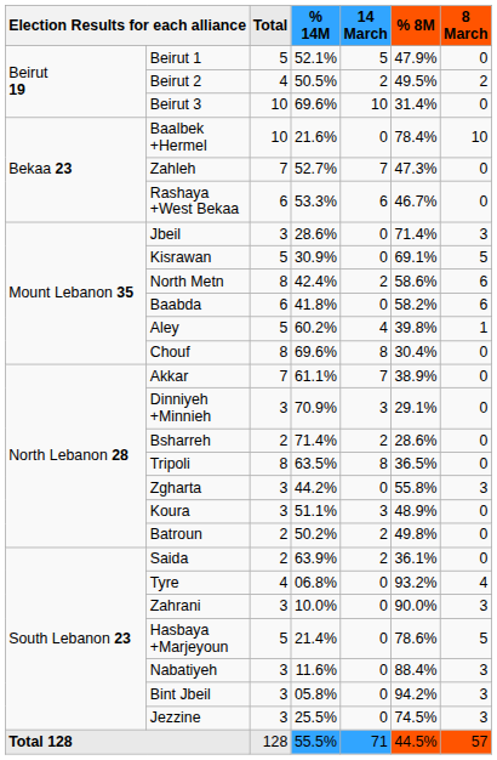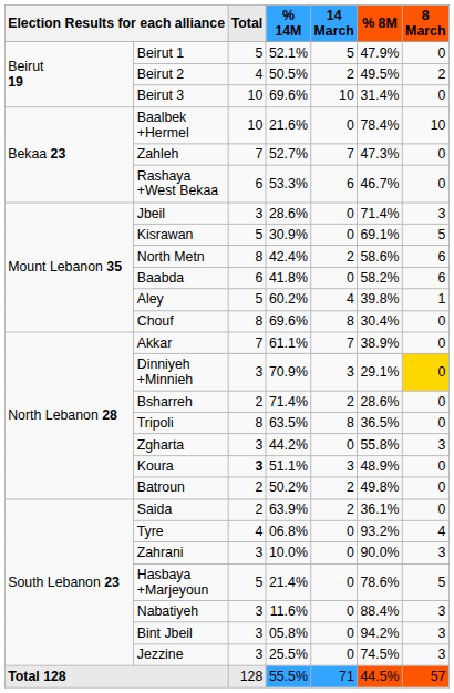 <table class="wikitable sortable">
 <tr>
 <th colspan=2>Election Results for each alliance</th>
 <th style="background-color:#E9E9E9" align=right>Total</th>
 <th style="background-color:#31a5ff" align=right>% 14M</th>
 <th style="background-color:#31a5ff" align=right>14 March</th>
 <th style="background-color:#ff5400" align=right>% 8M</th>
 <th style="background-color:#ff5400" align=right>8 March</th>
 </tr>
 <tr>
 <td rowspan=3 valign=up>Beirut<br><strong>19</strong></td>
 <td>Beirut 1</td>
 <td align="right">5</td>
 <td align="right">52.1%</td>
 <td align="right">5</td>
 <td align="right">47.9%</td>
 <td align="right">0</td>
 </tr>
 <tr>
 <td>Beirut 2</td>
 <td align="right">4</td>
 <td align="right">50.5%</td>
 <td align="right">2</td>
 <td align="right">49.5%</td>
 <td align="right">2</td>
 </tr>
 <tr>
 <td>Beirut 3</td>
 <td align="right">10</td>
 <td align="right">69.6%</td>
 <td align="right">10</td>
 <td align="right">31.4%</td>
 <td align="right">0</td>
 </tr>
 <tr>
 <td rowspan=3 valign=up>Bekaa <strong>23</strong></td>
 <td>Baalbek<br>+Hermel</td>
 <td align="right">10</td>
 <td align="right">21.6%</td>
 <td align="right">0</td>
 <td align="right">78.4%</td>
 <td align="right">10</td>
 </tr>
 <tr>
 <td>Zahleh</td>
 <td align="right">7</td>
 <td align="right">52.7%</td>
 <td align="right">7</td>
 <td align="right">47.3%</td>
 <td align="right">0</td>
 </tr>
 <tr>
 <td>Rashaya<br>+West Bekaa</td>
 <td align="right">6</td>
 <td align="right">53.3%</td>
 <td align="right">6</td>
 <td align="right">46.7%</td>
 <td align="right">0</td>
 </tr>
 <tr>
 <td rowspan=6 valign=up>Mount Lebanon <strong>35</strong></td>
 <td>Jbeil</td>
 <td align="right">3</td>
 <td align="right">28.6%</td>
 <td align="right">0</td>
 <td align="right">71.4%</td>
 <td align="right">3</td>
 </tr>
 <tr>
 <td>Kisrawan</td>
 <td align="right">5</td>
 <td align="right">30.9%</td>
 <td align="right">0</td>
 <td align="right">69.1%</td>
 <td align="right">5</td>
 </tr>
 <tr>
 <td>North Metn</td>
 <td align="right">8</td>
 <td align="right">42.4%</td>
 <td align="right">2</td>
 <td align="right">58.6%</td>
 <td align="right">6</td>
 </tr>
 <tr>
 <td>Baabda</td>
 <td align="right">6</td>
 <td align="right">41.8%</td>
 <td align="right">0</td>
 <td align="right">58.2%</td>
 <td align="right">6</td>
 </tr>
 <tr>
 <td>Aley</td>
 <td align="right">5</td>
 <td align="right">60.2%</td>
 <td align="right">4</td>
 <td align="right">39.8%</td>
 <td align="right">1</td>
 </tr>
 <tr>
 <td>Chouf</td>
 <td align="right">8</td>
 <td align="right">69.6%</td>
 <td align="right">8</td>
 <td align="right">30.4%</td>
 <td align="right">0</td>
 </tr>
 <tr>
 <td rowspan=7 valign=up>North Lebanon <strong>28</strong></td>
 <td>Akkar</td>
 <td align="right">7</td>
 <td align="right">61.1%</td>
 <td align="right">7</td>
 <td align="right">38.9%</td>
 <td align="right">0</td>
 </tr>
 <tr>
 <td>Dinniyeh<br>+Minnieh</td>
 <td align="right">3</td>
 <td align="right">70.9%</td>
 <td align="right">3</td>
 <td align="right">29.1%</td>
-<td align="right">0</td>
+<td align="right" style="background: gold;">0</td>
 </tr>
 <tr>
 <td>Bsharreh</td>
 <td align="right">2</td>
 <td align="right">71.4%</td>
 <td align="right">2</td>
 <td align="right">28.6%</td>
 <td align="right">0</td>
 </tr>
 <tr>
 <td>Tripoli</td>
 <td align="right">8</td>
 <td align="right">63.5%</td>
 <td align="right">8</td>
 <td align="right">36.5%</td>
 <td align="right">0</td>
 </tr>
 <tr>
 <td>Zgharta</td>
 <td align="right">3</td>
 <td align="right">44.2%</td>
 <td align="right">0</td>
 <td align="right">55.8%</td>
 <td align="right">3</td>
 </tr>
 <tr>
 <td>Koura</td>
-<td align="right">3</td>
+<td align="right"><strong>3</strong></td>
 <td align="right">51.1%</td>
 <td align="right">3</td>
 <td align="right">48.9%</td>
 <td align="right">0</td>
 </tr>
 <tr>
 <td>Batroun</td>
 <td align="right">2</td>
 <td align="right">50.2%</td>
 <td align="right">2</td>
 <td align="right">49.8%</td>
 <td align="right">0</td>
 </tr>
 <tr>
 <td rowspan=7 valign=up>South Lebanon <strong>23</strong></td>
 <td>Saida</td>
 <td align="right">2</td>
 <td align="right">63.9%</td>
 <td align="right">2</td>
 <td align="right">36.1%</td>
 <td align="right">0</td>
 </tr>
 <tr>
 <td>Tyre</td>
 <td align="right">4</td>
 <td align="right">06.8%</td>
 <td align="right">0</td>
 <td align="right">93.2%</td>
 <td align="right">4</td>
 </tr>
 <tr>
 <td>Zahrani</td>
 <td align="right">3</td>
 <td align="right">10.0%</td>
 <td align="right">0</td>
 <td align="right">90.0%</td>
 <td align="right">3</td>
 </tr>
 <tr>
 <td>Hasbaya<br>+Marjeyoun</td>
 <td align="right">5</td>
 <td align="right">21.4%</td>
 <td align="right">0</td>
 <td align="right">78.6%</td>
 <td align="right">5</td>
 </tr>
 <tr>
 <td>Nabatiyeh</td>
 <td align="right">3</td>
 <td align="right">11.6%</td>
 <td align="right">0</td>
 <td align="right">88.4%</td>
 <td align="right">3</td>
 </tr>
 <tr>
 <td>Bint Jbeil</td>
 <td align="right">3</td>
 <td align="right">05.8%</td>
 <td align="right">0</td>
 <td align="right">94.2%</td>
 <td align="right">3</td>
 </tr>
 <tr>
 <td>Jezzine</td>
 <td align="right">3</td>
 <td align="right">25.5%</td>
 <td align="right">0</td>
 <td align="right">74.5%</td>
 <td align="right">3</td>
 </tr>
 <tr>
 <td style="background-color:#E9E9E9" colspan=2><strong>Total 128</strong></td>
 <td width="30" align="right" style="background-color:#E9E9E9">128</td>
 <td width="30" align="right" style="background-color:#31a5ff">55.5%</td>
 <td width="30" align="right" style="background-color:#31a5ff">71</td>
 <td width="30" align="right" style="background-color:#ff5400">44.5%</td>
 <td width="30" align="right" style="background-color:#ff5400">57</td>
 </tr>
 </table>
